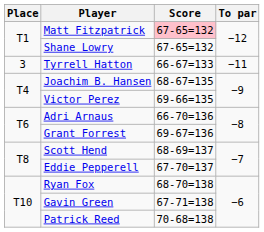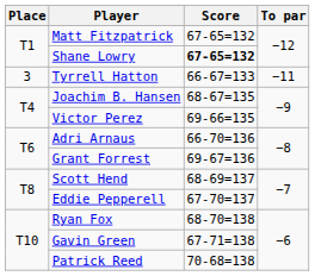 <table class="wikitable">
 <tr>
 <th>Place</th>
 <th>Player</th>
 <th>Score</th>
 <th>To par</th>
 </tr>
 <tr>
 <td align=center rowspan=2>T1</td>
 <td> <a href='#'>Matt Fitzpatrick</a></td>
-<td style="background: pink;">67-65=132</td>
+<td>67-65=132</td>
 <td align=center rowspan=2>−12</td>
 </tr>
 <tr>
 <td> <a href='#'>Shane Lowry</a></td>
-<td>67-65=132</td>
+<td><strong>67-65=132</strong></td>
 </tr>
 <tr>
 <td align=center>3</td>
 <td> <a href='#'>Tyrrell Hatton</a></td>
 <td>66-67=133</td>
 <td align=center>−11</td>
 </tr>
 <tr>
 <td align=center rowspan=2>T4</td>
 <td> <a href='#'>Joachim B. Hansen</a></td>
 <td>68-67=135</td>
 <td align=center rowspan=2>−9</td>
 </tr>
 <tr>
 <td> <a href='#'>Victor Perez</a></td>
 <td>69-66=135</td>
 </tr>
 <tr>
 <td align=center rowspan=2>T6</td>
 <td> <a href='#'>Adri Arnaus</a></td>
 <td>66-70=136</td>
 <td align=center rowspan=2>−8</td>
 </tr>
 <tr>
 <td> <a href='#'>Grant Forrest</a></td>
 <td>69-67=136</td>
 </tr>
 <tr>
 <td align=center rowspan=2>T8</td>
 <td> <a href='#'>Scott Hend</a></td>
 <td>68-69=137</td>
 <td align=center rowspan=2>−7</td>
 </tr>
 <tr>
 <td> <a href='#'>Eddie Pepperell</a></td>
 <td>67-70=137</td>
 </tr>
 <tr>
 <td align=center rowspan=3>T10</td>
 <td> <a href='#'>Ryan Fox</a></td>
 <td>68-70=138</td>
 <td align=center rowspan=3>−6</td>
 </tr>
 <tr>
 <td> <a href='#'>Gavin Green</a></td>
 <td>67-71=138</td>
 </tr>
 <tr>
 <td> <a href='#'>Patrick Reed</a></td>
 <td>70-68=138</td>
 </tr>
 </table>
